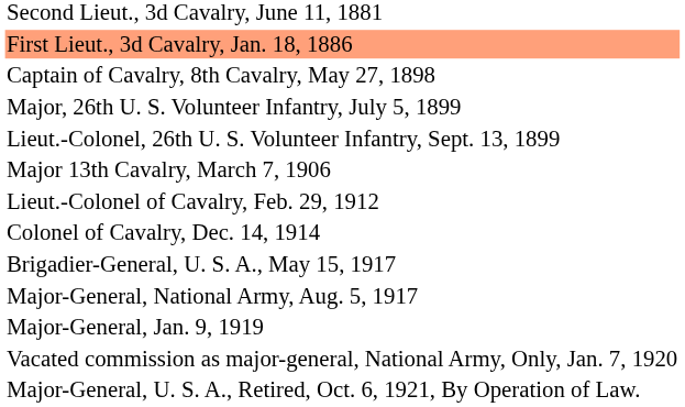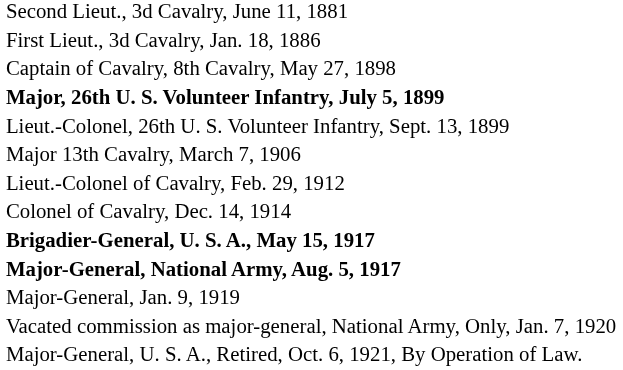 <table>
 <tr>
 <td>Second Lieut., 3d Cavalry, June 11, 1881</td>
 </tr>
 <tr>
-<td style="background: lightsalmon;">First Lieut., 3d Cavalry, Jan. 18, 1886</td>
+<td>First Lieut., 3d Cavalry, Jan. 18, 1886</td>
 </tr>
 <tr>
 <td>Captain of Cavalry, 8th Cavalry, May 27, 1898</td>
 </tr>
 <tr>
-<td>Major, 26th U. S. Volunteer Infantry, July 5, 1899</td>
+<td><strong>Major, 26th U. S. Volunteer Infantry, July 5, 1899</strong></td>
 </tr>
 <tr>
 <td>Lieut.‑Colonel, 26th U. S. Volunteer Infantry, Sept. 13, 1899</td>
 </tr>
 <tr>
 <td>Major 13th Cavalry, March 7, 1906</td>
 </tr>
 <tr>
 <td>Lieut.‑Colonel of Cavalry, Feb. 29, 1912</td>
 </tr>
 <tr>
 <td>Colonel of Cavalry, Dec. 14, 1914</td>
 </tr>
 <tr>
-<td>Brigadier-General, U. S. A., May 15, 1917</td>
+<td><strong>Brigadier-General, U. S. A., May 15, 1917</strong></td>
 </tr>
 <tr>
-<td>Major-General, National Army, Aug. 5, 1917</td>
+<td><strong>Major-General, National Army, Aug. 5, 1917</strong></td>
 </tr>
 <tr>
 <td>Major-General, Jan. 9, 1919</td>
 </tr>
 <tr>
 <td>Vacated commission as major-general, National Army, Only, Jan. 7, 1920</td>
 </tr>
 <tr>
 <td>Major-General, U. S. A., Retired, Oct. 6, 1921, By Operation of Law.</td>
 </tr>
 </table>
